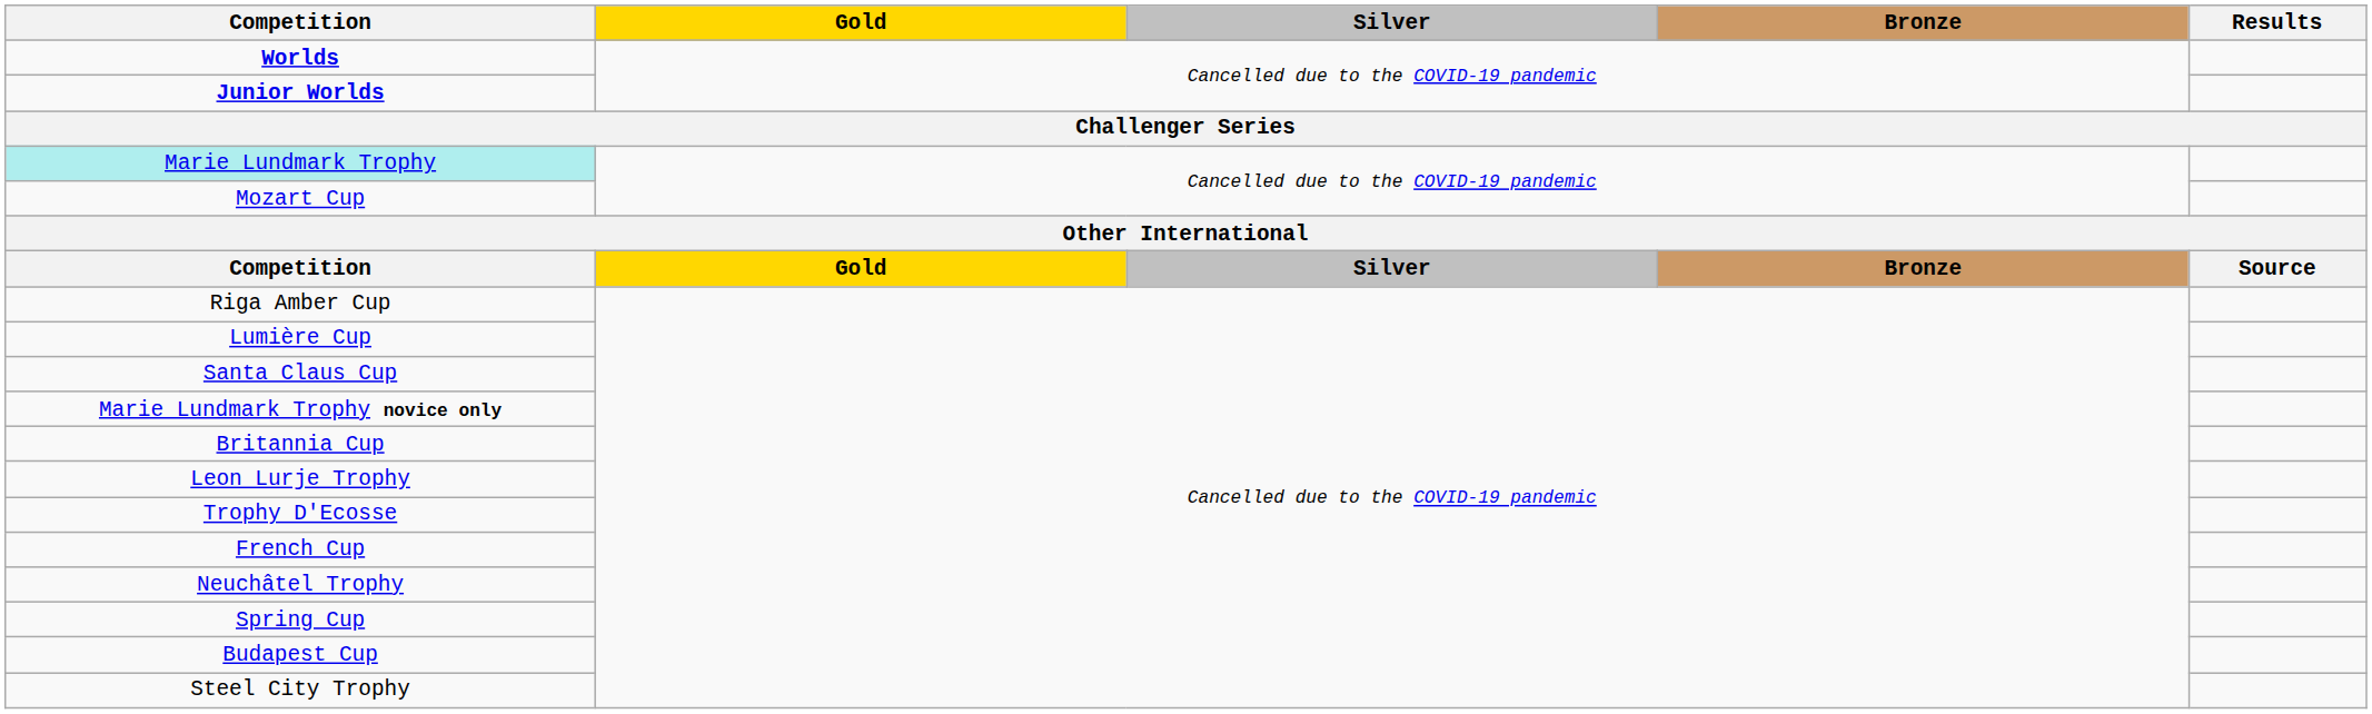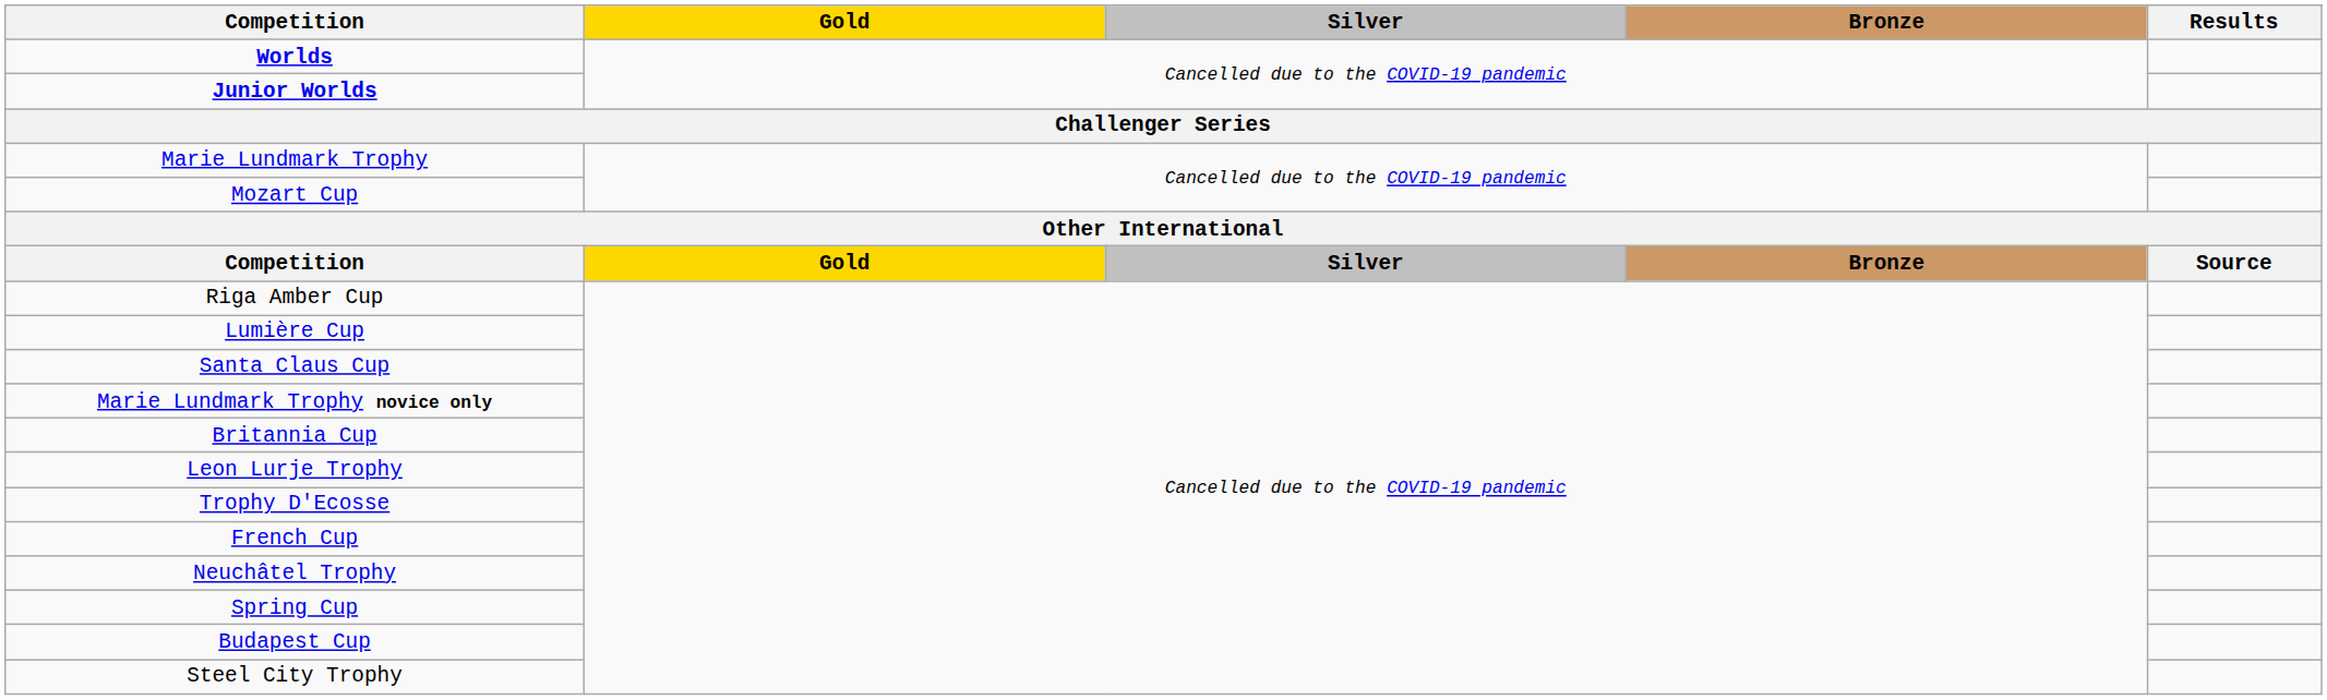 <table class="wikitable" style="text-align:center; width:90%;">
 <tr>
 <th scope="col" style="text-align:center; width:25%;">Competition</th>
 <td scope="col" style="text-align:center; width:22.5%; background:gold"><strong>Gold</strong></td>
 <td scope="col" style="text-align:center; width:22.5%; background:silver"><strong>Silver</strong></td>
 <td scope="col" style="text-align:center; width:22.5%; background:#c96"><strong>Bronze</strong></td>
 <th scope="col" style="text-align:center; width:7.5%;">Results</th>
 </tr>
 <tr>
 <td align="center"><strong><a href='#'>Worlds</a></strong></td>
 <td colspan="3" rowspan="2"><em><small>Cancelled due to the <a href='#'>COVID-19 pandemic</a></small></em></td>
 <td align="center"></td>
 </tr>
 <tr>
 <td align="center"><a href='#'><strong>Junior Worlds</strong></a></td>
 <td align="center"></td>
 </tr>
 <tr>
 <th colspan="5">Challenger Series</th>
 </tr>
 <tr>
-<td style="background: paleturquoise;"><a href='#'>Marie Lundmark Trophy</a></td>
+<td><a href='#'>Marie Lundmark Trophy</a></td>
 <td colspan="3" rowspan="2"><em><small>Cancelled due to the <a href='#'>COVID-19 pandemic</a></small></em></td>
 <td></td>
 </tr>
 <tr>
 <td><a href='#'>Mozart Cup</a></td>
 <td></td>
 </tr>
 <tr>
 <th colspan="5">Other International</th>
 </tr>
 <tr>
 <th>Competition</th>
 <td bgcolor="gold" align="center"><strong>Gold</strong></td>
 <td bgcolor="silver" align="center"><strong>Silver</strong></td>
 <td bgcolor="cc9966" align="center"><strong>Bronze</strong></td>
 <th>Source</th>
 </tr>
 <tr>
 <td>Riga Amber Cup</td>
 <td colspan="3" rowspan="12"><em><small>Cancelled due to the <a href='#'>COVID-19 pandemic</a></small></em></td>
 <td></td>
 </tr>
 <tr>
 <td><a href='#'>Lumière Cup</a></td>
 <td></td>
 </tr>
 <tr>
 <td><a href='#'>Santa Claus Cup</a></td>
 <td></td>
 </tr>
 <tr>
 <td><a href='#'>Marie Lundmark Trophy</a> <small><strong>novice only</strong></small></td>
 <td></td>
 </tr>
 <tr>
 <td><a href='#'>Britannia Cup</a></td>
 <td></td>
 </tr>
 <tr>
 <td><a href='#'>Leon Lurje Trophy</a></td>
 <td></td>
 </tr>
 <tr>
 <td><a href='#'>Trophy D'Ecosse</a></td>
 <td></td>
 </tr>
 <tr>
 <td><a href='#'>French Cup</a></td>
 <td></td>
 </tr>
 <tr>
 <td><a href='#'>Neuchâtel Trophy</a></td>
 <td></td>
 </tr>
 <tr>
 <td><a href='#'>Spring Cup</a></td>
 <td></td>
 </tr>
 <tr>
 <td><a href='#'>Budapest Cup</a></td>
 <td></td>
 </tr>
 <tr>
 <td>Steel City Trophy</td>
 <td></td>
 </tr>
 </table>
